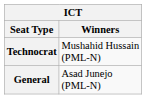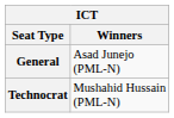 <table class="wikitable">
 <tr>
 <th colspan="2">ICT</th>
 </tr>
 <tr>
 <th>Seat Type</th>
 <th>Winners</th>
 </tr>
 <tr>
+<th>General</th>
+<td style="background:">Asad Junejo<br>(PML-N)</td>
+</tr>
+<tr>
 <th>Technocrat</th>
 <td style="background:">Mushahid Hussain<br>(PML-N)</td>
 </tr>
-<tr>
-<th>General</th>
-<td style="background:">Asad Junejo<br>(PML-N)</td>
-</tr>
 </table>
